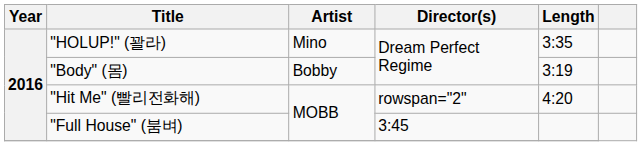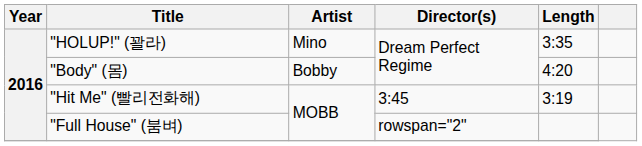 <table class="wikitable sortable plainrowheaders">
 <tr>
 <th>Year</th>
 <th style="width:15em;">Title</th>
 <th style="width:5em;">Artist</th>
 <th style="width:10em;">Director(s)</th>
 <th>Length</th>
 <th style="width:2em;" class="unsortable"></th>
 </tr>
 <tr>
 <th scope="row" rowspan="4">2016</th>
 <td>"HOLUP!" (꽐라)</td>
 <td>Mino</td>
 <td rowspan="2">Dream Perfect Regime</td>
 <td>3:35</td>
 <td></td>
 </tr>
 <tr>
 <td>"Body" (몸)</td>
 <td>Bobby</td>
-<td>3:19</td>
+<td>4:20</td>
 <td></td>
 </tr>
 <tr>
 <td>"Hit Me" (빨리전화해) </td>
 <td rowspan="2">MOBB</td>
-<td>rowspan="2" </td>
-<td>4:20</td>
+<td>3:45</td>
+<td>3:19</td>
 <td></td>
 </tr>
 <tr>
 <td>"Full House" (붐벼)</td>
-<td>3:45</td>
+<td>rowspan="2" </td>
 <td></td>
 </tr>
 <tr>
 </tr>
 </table>
